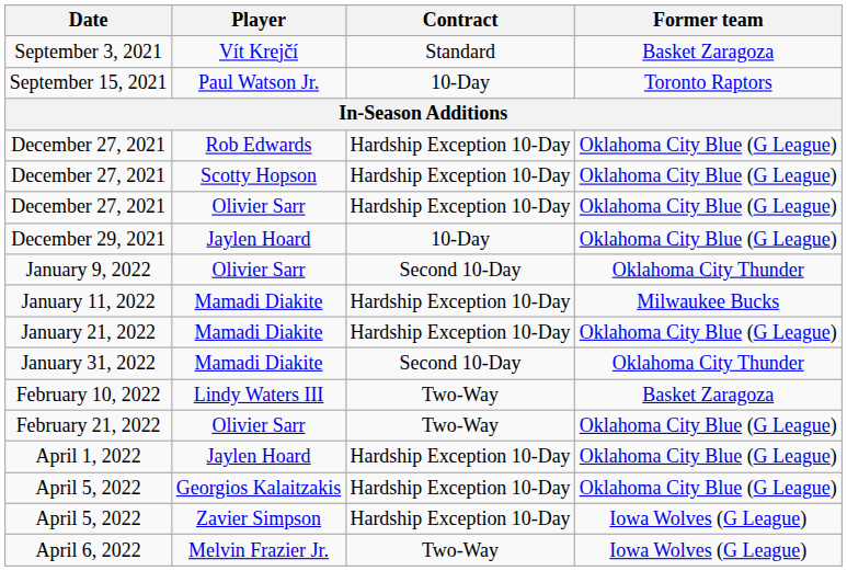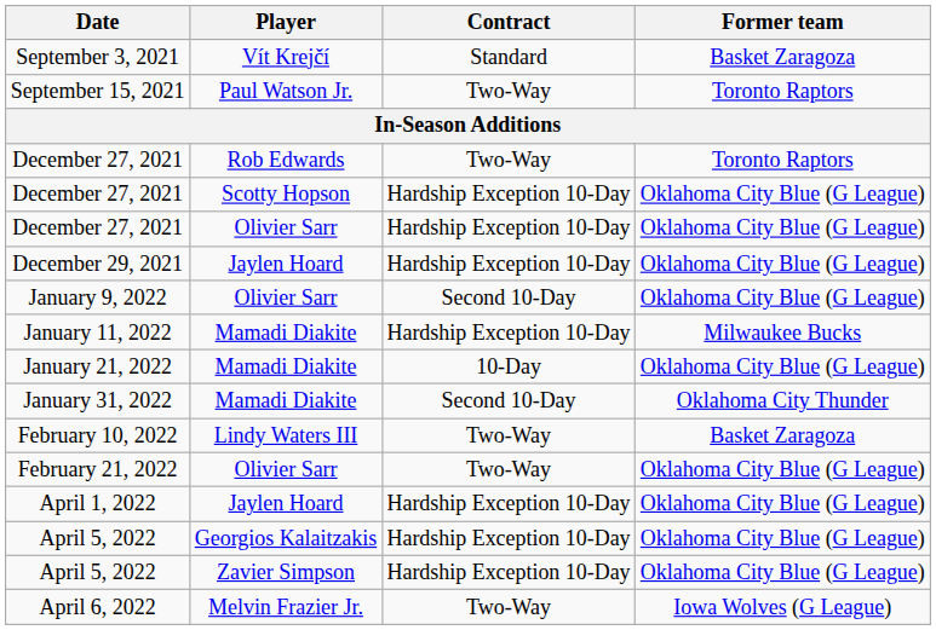 <table class="wikitable" style="text-align: center">
 <tr>
 <th>Date</th>
 <th>Player</th>
 <th>Contract</th>
 <th>Former team</th>
 </tr>
 <tr style="text-align: center">
 <td>September 3, 2021</td>
 <td><a href='#'>Vít Krejčí</a></td>
 <td>Standard</td>
 <td> <a href='#'>Basket Zaragoza</a></td>
 </tr>
 <tr style="text-align: center">
 <td>September 15, 2021</td>
 <td><a href='#'>Paul Watson Jr.</a></td>
-<td>10-Day</td>
+<td>Two-Way</td>
 <td><a href='#'>Toronto Raptors</a></td>
 </tr>
 <tr>
 <th scope="row" colspan="6" style="text-align:center;”">In-Season Additions</th>
 </tr>
 <tr style="text-align: center">
 <td>December 27, 2021</td>
 <td><a href='#'>Rob Edwards</a></td>
-<td>Hardship Exception 10-Day</td>
-<td><a href='#'>Oklahoma City Blue</a> (<a href='#'>G League</a>)</td>
+<td>Two-Way</td>
+<td><a href='#'>Toronto Raptors</a></td>
 </tr>
 <tr style="text-align: center">
 <td>December 27, 2021</td>
 <td><a href='#'>Scotty Hopson</a></td>
 <td>Hardship Exception 10-Day</td>
 <td><a href='#'>Oklahoma City Blue</a> (<a href='#'>G League</a>)</td>
 </tr>
 <tr style="text-align: center">
 <td>December 27, 2021</td>
 <td><a href='#'>Olivier Sarr</a></td>
 <td>Hardship Exception 10-Day</td>
 <td><a href='#'>Oklahoma City Blue</a> (<a href='#'>G League</a>)</td>
 </tr>
 <tr style="text-align: center">
 <td>December 29, 2021</td>
 <td><a href='#'>Jaylen Hoard</a></td>
-<td>10-Day</td>
+<td>Hardship Exception 10-Day</td>
 <td><a href='#'>Oklahoma City Blue</a> (<a href='#'>G League</a>)</td>
 </tr>
 <tr style="text-align: center">
 <td>January 9, 2022</td>
 <td><a href='#'>Olivier Sarr</a></td>
 <td>Second 10-Day</td>
-<td><a href='#'>Oklahoma City Thunder</a></td>
+<td><a href='#'>Oklahoma City Blue</a> (<a href='#'>G League</a>)</td>
 </tr>
 <tr style="text-align: center">
 <td>January 11, 2022</td>
 <td><a href='#'>Mamadi Diakite</a></td>
 <td>Hardship Exception 10-Day</td>
 <td><a href='#'>Milwaukee Bucks</a></td>
 </tr>
 <tr style="text-align: center">
 <td>January 21, 2022</td>
 <td><a href='#'>Mamadi Diakite</a></td>
-<td>Hardship Exception 10-Day</td>
+<td>10-Day</td>
 <td><a href='#'>Oklahoma City Blue</a> (<a href='#'>G League</a>)</td>
 </tr>
 <tr style="text-align: center">
 <td>January 31, 2022</td>
 <td><a href='#'>Mamadi Diakite</a></td>
 <td>Second 10-Day</td>
 <td><a href='#'>Oklahoma City Thunder</a></td>
 </tr>
 <tr style="text-align: center">
 <td>February 10, 2022</td>
 <td><a href='#'>Lindy Waters III</a></td>
 <td>Two-Way</td>
 <td> <a href='#'>Basket Zaragoza</a></td>
 </tr>
 <tr style="text-align: center">
 <td>February 21, 2022</td>
 <td><a href='#'>Olivier Sarr</a></td>
 <td>Two-Way</td>
 <td><a href='#'>Oklahoma City Blue</a> (<a href='#'>G League</a>)</td>
 </tr>
 <tr style="text-align: center">
 <td>April 1, 2022</td>
 <td><a href='#'>Jaylen Hoard</a></td>
 <td>Hardship Exception 10-Day</td>
 <td><a href='#'>Oklahoma City Blue</a> (<a href='#'>G League</a>)</td>
 </tr>
 <tr style="text-align: center">
 <td>April 5, 2022</td>
 <td><a href='#'>Georgios Kalaitzakis</a></td>
 <td>Hardship Exception 10-Day</td>
 <td><a href='#'>Oklahoma City Blue</a> (<a href='#'>G League</a>)</td>
 </tr>
 <tr style="text-align: center">
 <td>April 5, 2022</td>
 <td><a href='#'>Zavier Simpson</a></td>
 <td>Hardship Exception 10-Day</td>
-<td><a href='#'>Iowa Wolves</a> (<a href='#'>G League</a>)</td>
+<td><a href='#'>Oklahoma City Blue</a> (<a href='#'>G League</a>)</td>
 </tr>
 <tr style="text-align: center">
 <td>April 6, 2022</td>
 <td><a href='#'>Melvin Frazier Jr.</a></td>
 <td>Two-Way</td>
 <td><a href='#'>Iowa Wolves</a> (<a href='#'>G League</a>)</td>
 </tr>
 </table>
